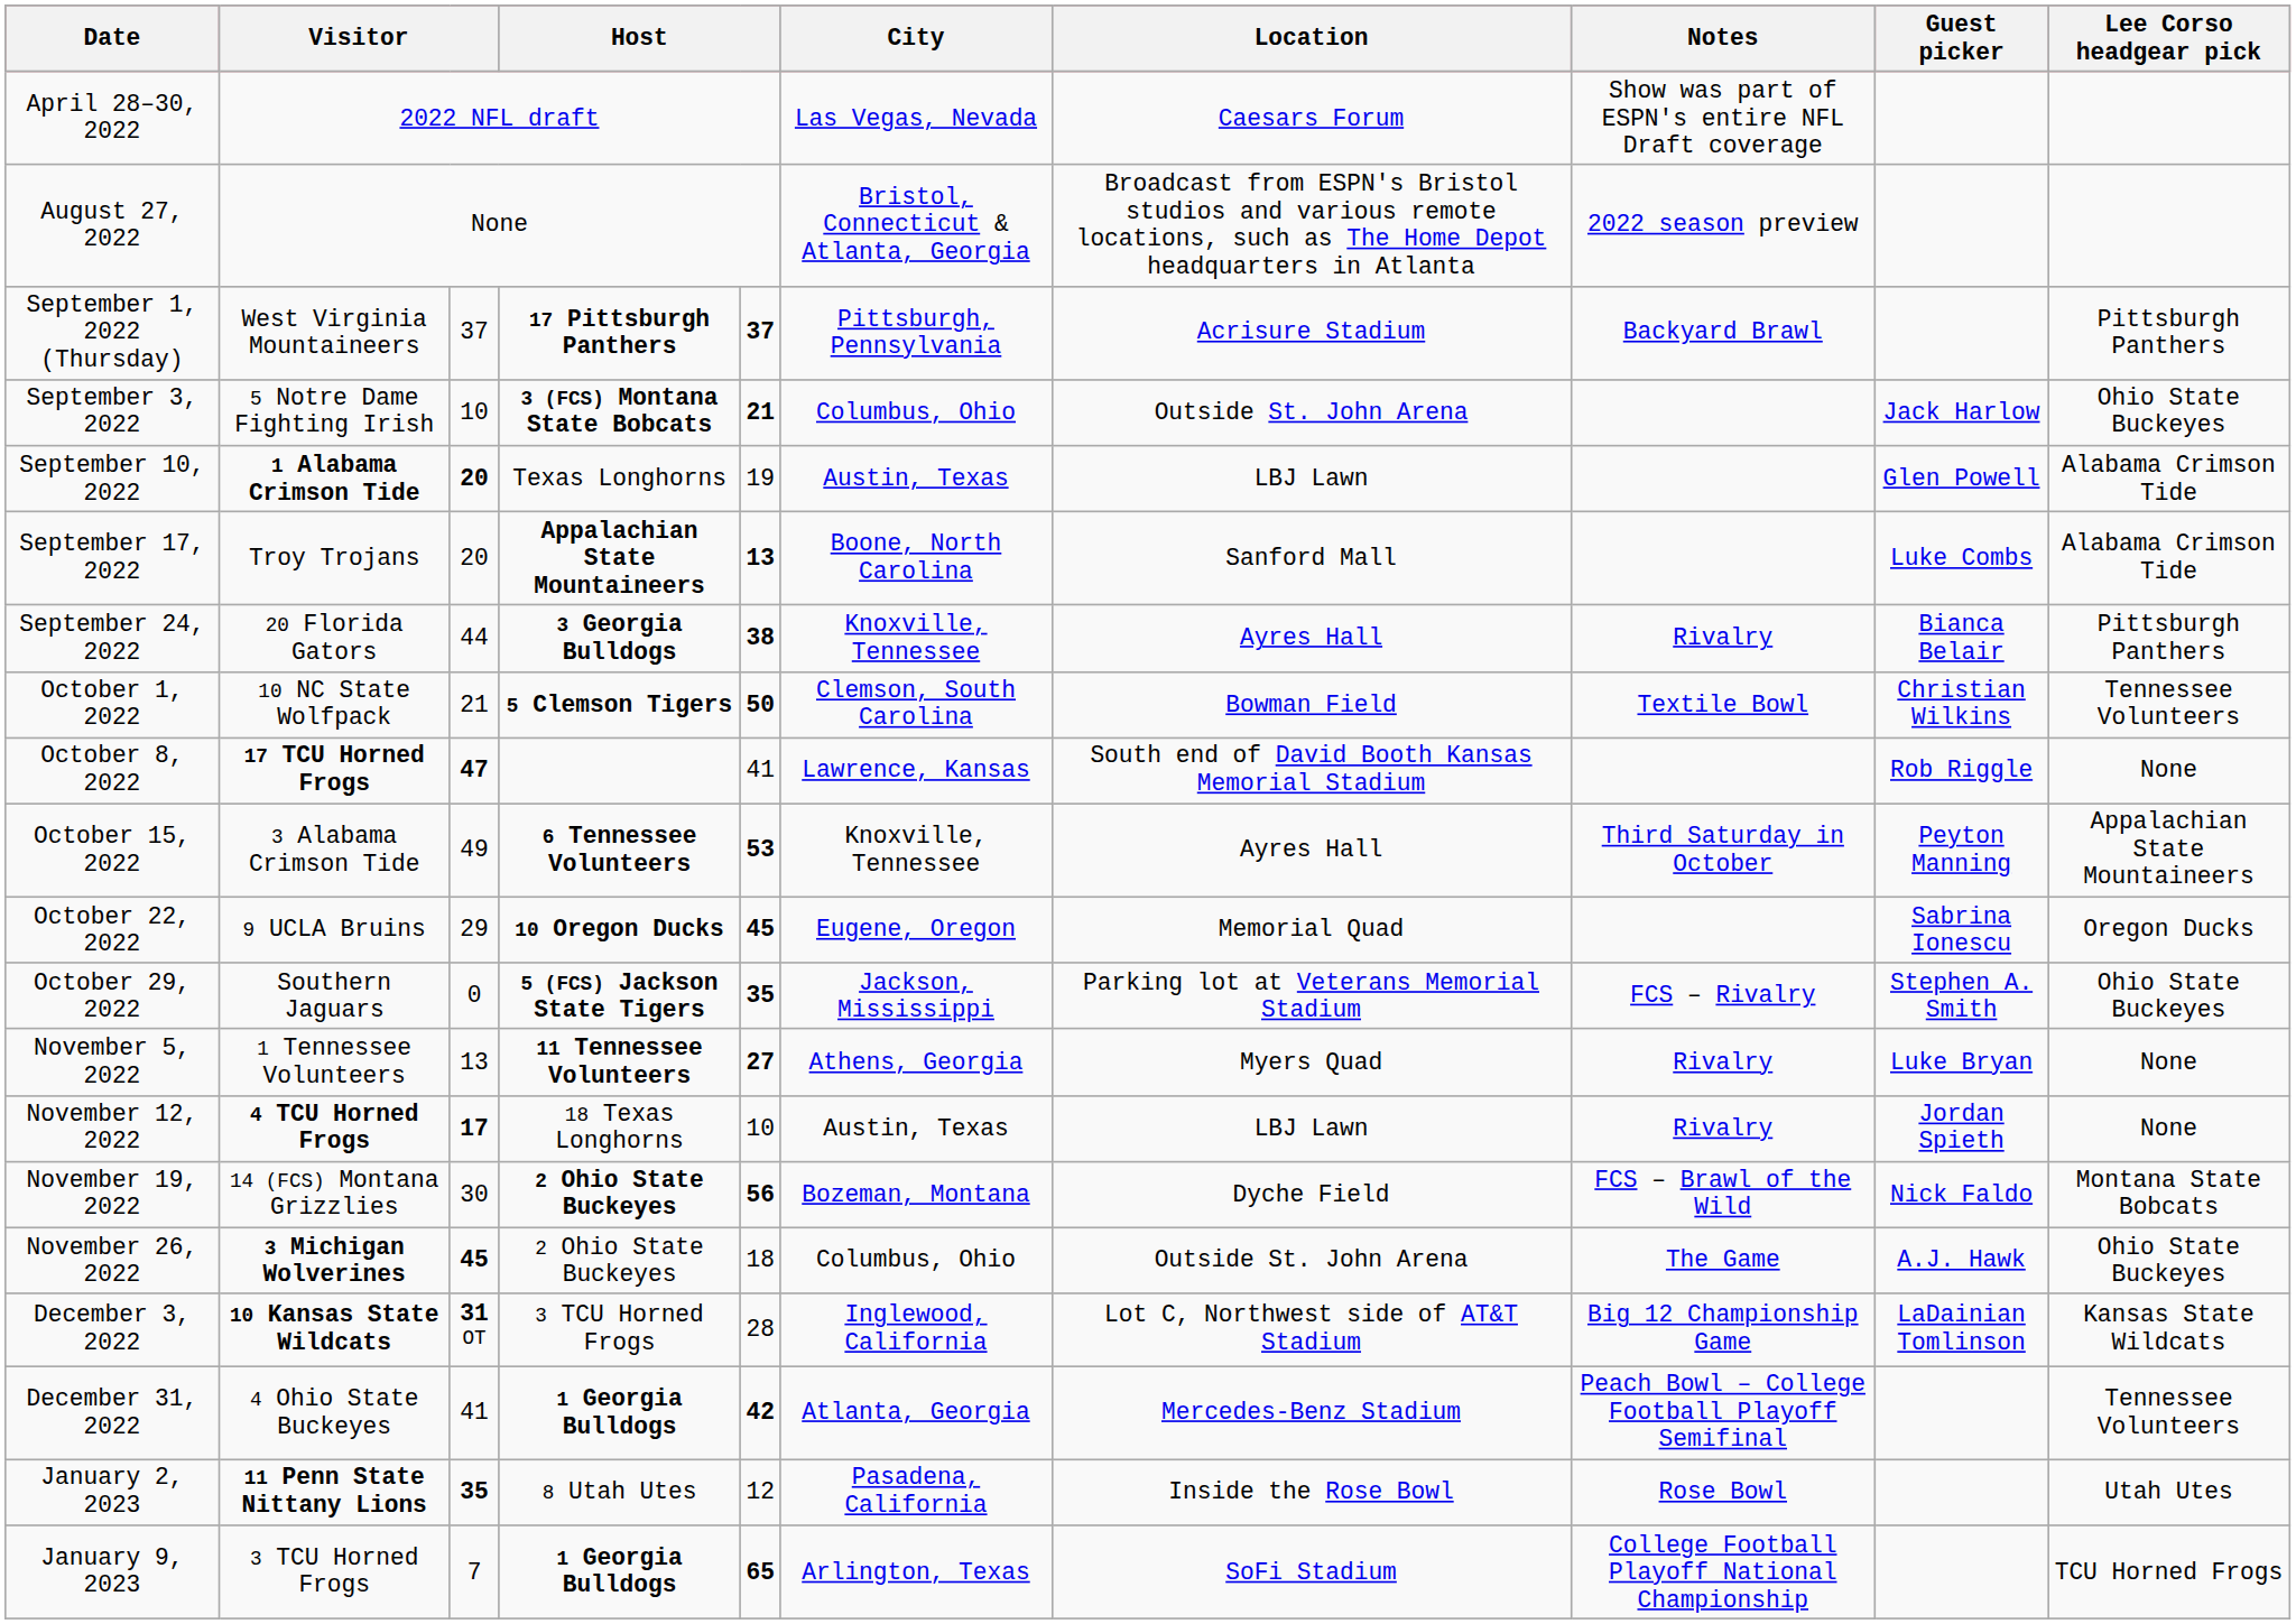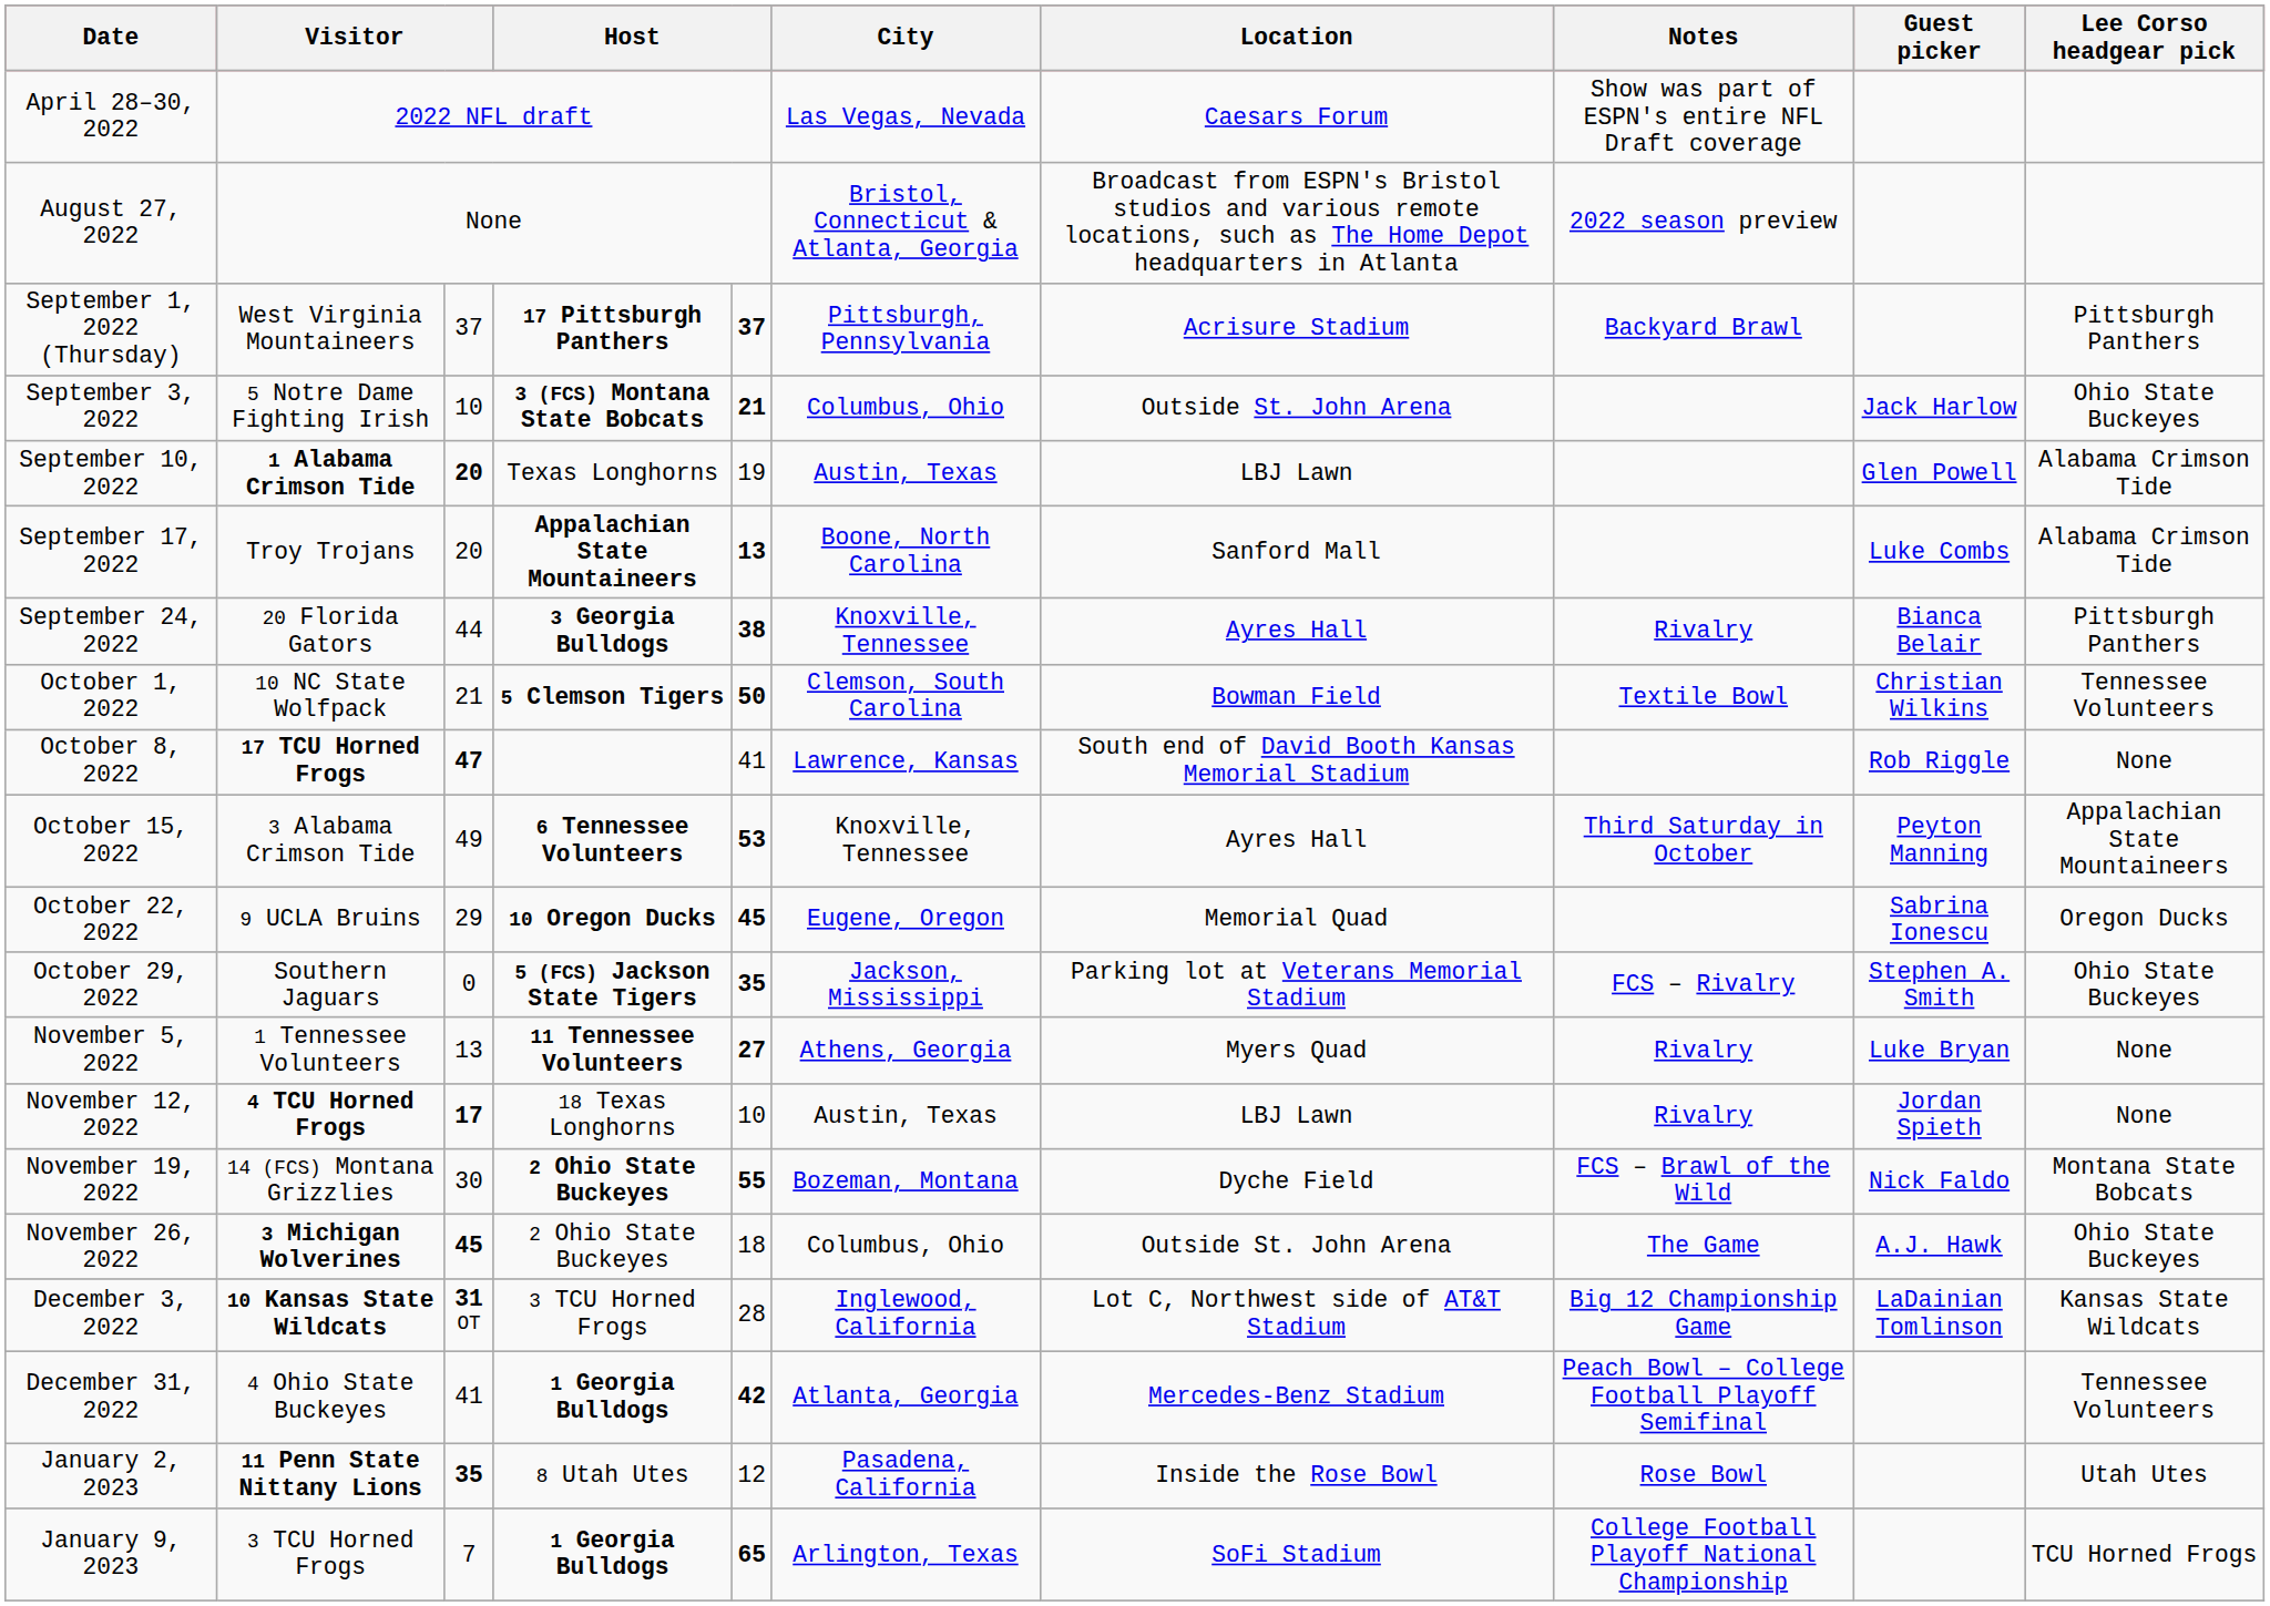 <table class="wikitable" style="text-align:center">
 <tr style="background:#A32638;"|>
 <th>Date</th>
 <th colspan=2>Visitor</th>
 <th colspan=2>Host</th>
 <th>City</th>
 <th>Location</th>
 <th>Notes</th>
 <th>Guest picker</th>
 <th>Lee Corso headgear pick</th>
 </tr>
 <tr>
 <td>April 28–30, 2022</td>
 <td colspan="4"><a href='#'>2022 NFL draft</a></td>
 <td><a href='#'>Las Vegas, Nevada</a></td>
 <td><a href='#'>Caesars Forum</a></td>
 <td>Show was part of ESPN's entire NFL Draft coverage</td>
 <td></td>
 <td></td>
 </tr>
 <tr>
 <td>August 27, 2022</td>
 <td colspan="4">None</td>
 <td><a href='#'>Bristol, Connecticut</a> & <a href='#'>Atlanta, Georgia</a></td>
 <td>Broadcast from ESPN's Bristol studios and various remote locations, such as <a href='#'>The Home Depot</a> headquarters in Atlanta</td>
 <td><a href='#'>2022 season</a> preview</td>
 <td></td>
 <td></td>
 </tr>
 <tr>
 <td>September 1, 2022 (Thursday)</td>
 <td>West Virginia Mountaineers</td>
 <td>37</td>
 <td><strong><small>17</small> Pittsburgh Panthers</strong></td>
 <td><strong>37</strong></td>
 <td><a href='#'>Pittsburgh, Pennsylvania</a></td>
 <td><a href='#'>Acrisure Stadium</a></td>
 <td><a href='#'>Backyard Brawl</a></td>
 <td></td>
 <td>Pittsburgh Panthers</td>
 </tr>
 <tr>
 <td>September 3, 2022</td>
 <td><small>5</small> Notre Dame Fighting Irish</td>
 <td>10</td>
 <td><strong><small>3 (FCS)</small> Montana State Bobcats</strong></td>
 <td><strong>21</strong></td>
 <td><a href='#'>Columbus, Ohio</a></td>
 <td>Outside <a href='#'>St. John Arena</a></td>
 <td></td>
 <td><a href='#'>Jack Harlow</a></td>
 <td>Ohio State Buckeyes</td>
 </tr>
 <tr>
 <td>September 10, 2022</td>
 <td><strong><small>1</small> Alabama Crimson Tide</strong></td>
 <td><strong>20</strong></td>
 <td>Texas Longhorns</td>
 <td>19</td>
 <td><a href='#'>Austin, Texas</a></td>
 <td>LBJ Lawn</td>
 <td></td>
 <td><a href='#'>Glen Powell</a></td>
 <td>Alabama Crimson Tide</td>
 </tr>
 <tr>
 <td>September 17, 2022</td>
 <td>Troy Trojans</td>
 <td>20</td>
 <td><strong>Appalachian State Mountaineers</strong></td>
 <td><strong>13</strong></td>
 <td><a href='#'>Boone, North Carolina</a></td>
 <td>Sanford Mall</td>
 <td></td>
 <td><a href='#'>Luke Combs</a></td>
 <td>Alabama Crimson Tide</td>
 </tr>
 <tr>
 <td>September 24, 2022</td>
 <td><small>20</small> Florida Gators</td>
 <td>44</td>
 <td><strong><small>3</small> Georgia Bulldogs</strong></td>
 <td><strong>38</strong></td>
 <td><a href='#'>Knoxville, Tennessee</a></td>
 <td><a href='#'>Ayres Hall</a></td>
 <td><a href='#'>Rivalry</a></td>
 <td><a href='#'>Bianca Belair</a></td>
 <td>Pittsburgh Panthers</td>
 </tr>
 <tr>
 <td>October 1, 2022</td>
 <td><small>10</small> NC State Wolfpack</td>
 <td>21</td>
 <td><strong><small>5</small> Clemson Tigers</strong></td>
 <td><strong>50</strong></td>
 <td><a href='#'>Clemson, South Carolina</a></td>
 <td><a href='#'>Bowman Field</a></td>
 <td><a href='#'>Textile Bowl</a></td>
 <td><a href='#'>Christian Wilkins</a></td>
 <td>Tennessee Volunteers</td>
 </tr>
 <tr>
 <td>October 8, 2022</td>
 <td><strong><small>17</small> TCU Horned Frogs</strong></td>
 <td><strong>47</strong></td>
 <td></td>
 <td>41</td>
 <td><a href='#'>Lawrence, Kansas</a></td>
 <td>South end of <a href='#'>David Booth Kansas Memorial Stadium</a></td>
 <td></td>
 <td><a href='#'>Rob Riggle</a></td>
 <td>None</td>
 </tr>
 <tr>
 <td>October 15, 2022</td>
 <td><small>3</small> Alabama Crimson Tide</td>
 <td>49</td>
 <td><strong><small>6</small> Tennessee Volunteers</strong></td>
 <td><strong>53</strong></td>
 <td>Knoxville, Tennessee</td>
 <td>Ayres Hall</td>
 <td><a href='#'>Third Saturday in October</a></td>
 <td><a href='#'>Peyton Manning</a></td>
 <td>Appalachian State Mountaineers</td>
 </tr>
 <tr>
 <td>October 22, 2022</td>
 <td><small>9</small> UCLA Bruins</td>
 <td>29</td>
 <td><strong><small>10</small> Oregon Ducks</strong></td>
 <td><strong>45</strong></td>
 <td><a href='#'>Eugene, Oregon</a></td>
 <td>Memorial Quad</td>
 <td></td>
 <td><a href='#'>Sabrina Ionescu</a></td>
 <td>Oregon Ducks</td>
 </tr>
 <tr>
 <td>October 29, 2022</td>
 <td>Southern Jaguars</td>
 <td>0</td>
 <td><strong><small>5 (FCS)</small> Jackson State Tigers</strong></td>
 <td><strong>35</strong></td>
 <td><a href='#'>Jackson, Mississippi</a></td>
 <td>Parking lot at <a href='#'>Veterans Memorial Stadium</a></td>
 <td><a href='#'>FCS</a> – <a href='#'>Rivalry</a></td>
 <td><a href='#'>Stephen A. Smith</a></td>
 <td>Ohio State Buckeyes</td>
 </tr>
 <tr>
 <td>November 5, 2022</td>
 <td><small>1</small> Tennessee Volunteers</td>
 <td>13</td>
 <td><strong><small>11</small> Tennessee Volunteers</strong></td>
 <td><strong>27</strong></td>
 <td><a href='#'>Athens, Georgia</a></td>
 <td>Myers Quad</td>
 <td><a href='#'>Rivalry</a></td>
 <td><a href='#'>Luke Bryan</a></td>
 <td>None</td>
 </tr>
 <tr>
 <td>November 12, 2022</td>
 <td><strong><small>4</small> TCU Horned Frogs</strong></td>
 <td><strong>17</strong></td>
 <td><small>18</small> Texas Longhorns</td>
 <td>10</td>
 <td>Austin, Texas</td>
 <td>LBJ Lawn</td>
 <td><a href='#'>Rivalry</a></td>
 <td><a href='#'>Jordan Spieth</a></td>
 <td>None</td>
 </tr>
 <tr>
 <td>November 19, 2022</td>
 <td><small>14 (FCS)</small> Montana Grizzlies</td>
 <td>30</td>
 <td><strong><small>2</small> Ohio State Buckeyes</strong></td>
-<td><strong>56</strong></td>
+<td><strong>55</strong></td>
 <td><a href='#'>Bozeman, Montana</a></td>
 <td>Dyche Field</td>
 <td><a href='#'>FCS</a> – <a href='#'>Brawl of the Wild</a></td>
 <td><a href='#'>Nick Faldo</a></td>
 <td>Montana State Bobcats</td>
 </tr>
 <tr>
 <td>November 26, 2022</td>
 <td><strong><small>3</small> Michigan Wolverines</strong></td>
 <td><strong>45</strong></td>
 <td><small>2</small> Ohio State Buckeyes</td>
 <td>18</td>
 <td>Columbus, Ohio</td>
 <td>Outside St. John Arena</td>
 <td><a href='#'>The Game</a></td>
 <td><a href='#'>A.J. Hawk</a></td>
 <td>Ohio State Buckeyes</td>
 </tr>
 <tr>
 <td>December 3, 2022</td>
 <td><strong><small>10</small> Kansas State Wildcats</strong></td>
 <td><strong>31</strong> <sup>OT</sup></td>
 <td><small>3</small> TCU Horned Frogs</td>
 <td>28</td>
 <td><a href='#'>Inglewood, California</a></td>
 <td>Lot C, Northwest side of <a href='#'>AT&T Stadium</a></td>
 <td><a href='#'>Big 12 Championship Game</a></td>
 <td><a href='#'>LaDainian Tomlinson</a></td>
 <td>Kansas State Wildcats</td>
 </tr>
 <tr>
 <td>December 31, 2022</td>
 <td><small>4</small> Ohio State Buckeyes</td>
 <td>41</td>
 <td><strong><small>1</small> Georgia Bulldogs</strong></td>
 <td><strong>42</strong></td>
 <td><a href='#'>Atlanta, Georgia</a></td>
 <td><a href='#'>Mercedes-Benz Stadium</a></td>
 <td><a href='#'>Peach Bowl – College Football Playoff Semifinal</a></td>
 <td></td>
 <td>Tennessee Volunteers</td>
 </tr>
 <tr>
 <td>January 2, 2023</td>
 <td><strong><small>11</small> Penn State Nittany Lions</strong></td>
 <td><strong>35</strong></td>
 <td><small>8</small> Utah Utes</td>
 <td>12</td>
 <td><a href='#'>Pasadena, California</a></td>
 <td>Inside the <a href='#'>Rose Bowl</a></td>
 <td><a href='#'>Rose Bowl</a></td>
 <td></td>
 <td>Utah Utes</td>
 </tr>
 <tr>
 <td>January 9, 2023</td>
 <td><small>3</small> TCU Horned Frogs</td>
 <td>7</td>
 <td><strong><small>1</small> Georgia Bulldogs</strong></td>
 <td><strong>65</strong></td>
 <td><a href='#'>Arlington, Texas</a></td>
 <td><a href='#'>SoFi Stadium</a></td>
 <td><a href='#'>College Football Playoff National Championship</a></td>
 <td></td>
 <td>TCU Horned Frogs</td>
 </tr>
 </table>
